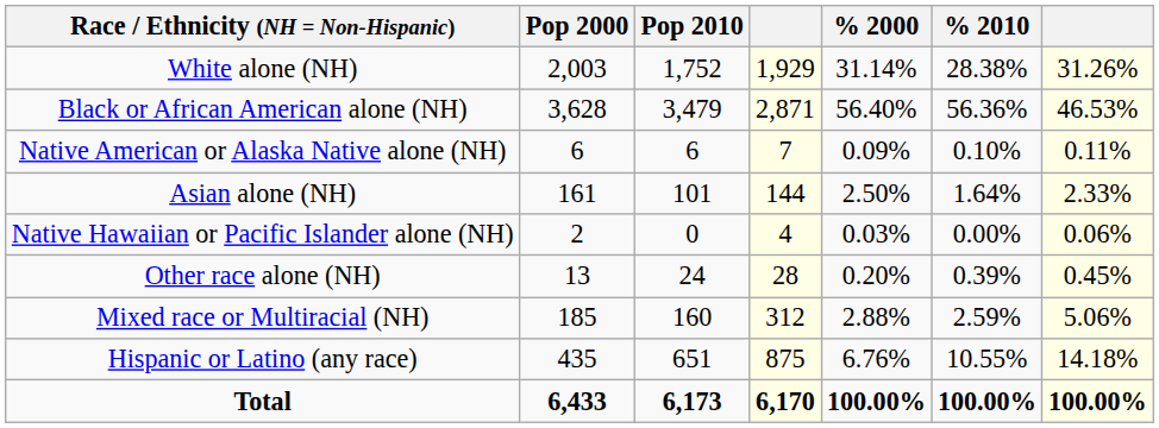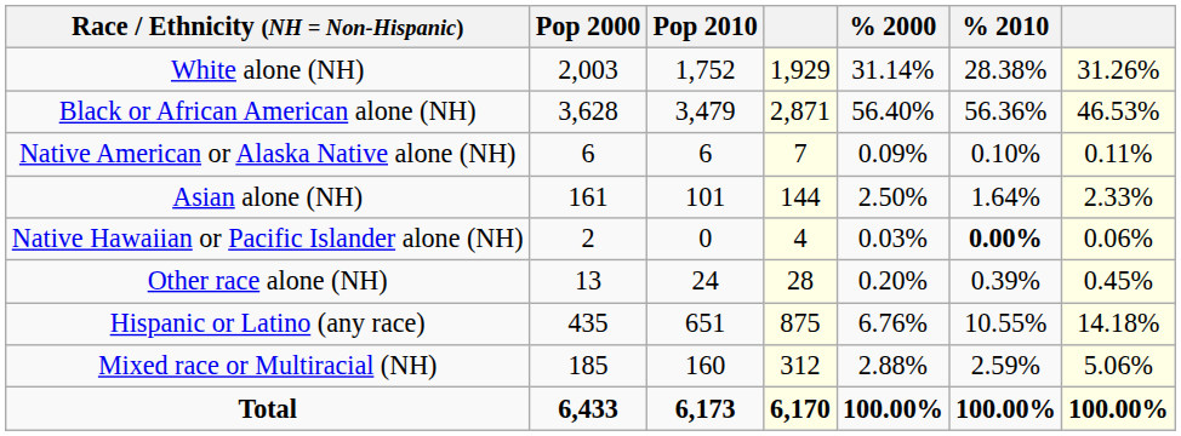 <table class="wikitable" style="text-align:center;">
 <tr>
 <th>Race / Ethnicity <small>(<em>NH = Non-Hispanic</em>)</small></th>
 <th>Pop 2000</th>
 <th>Pop 2010</th>
 <th></th>
 <th>% 2000</th>
 <th>% 2010</th>
 <th></th>
 </tr>
 <tr>
 <td><a href='#'>White</a> alone (NH)</td>
 <td>2,003</td>
 <td>1,752</td>
 <td style='background: #ffffe6;'>1,929</td>
 <td>31.14%</td>
 <td>28.38%</td>
 <td style='background: #ffffe6;'>31.26%</td>
 </tr>
 <tr>
 <td><a href='#'>Black or African American</a> alone (NH)</td>
 <td>3,628</td>
 <td>3,479</td>
 <td style='background: #ffffe6;'>2,871</td>
 <td>56.40%</td>
 <td>56.36%</td>
 <td style='background: #ffffe6;'>46.53%</td>
 </tr>
 <tr>
 <td><a href='#'>Native American</a> or <a href='#'>Alaska Native</a> alone (NH)</td>
 <td>6</td>
 <td>6</td>
 <td style='background: #ffffe6;'>7</td>
 <td>0.09%</td>
 <td>0.10%</td>
 <td style='background: #ffffe6;'>0.11%</td>
 </tr>
 <tr>
 <td><a href='#'>Asian</a> alone (NH)</td>
 <td>161</td>
 <td>101</td>
 <td style='background: #ffffe6;'>144</td>
 <td>2.50%</td>
 <td>1.64%</td>
 <td style='background: #ffffe6;'>2.33%</td>
 </tr>
 <tr>
 <td><a href='#'>Native Hawaiian</a> or <a href='#'>Pacific Islander</a> alone (NH)</td>
 <td>2</td>
 <td>0</td>
 <td style='background: #ffffe6;'>4</td>
 <td>0.03%</td>
-<td>0.00%</td>
+<td><strong>0.00%</strong></td>
 <td style='background: #ffffe6;'>0.06%</td>
 </tr>
 <tr>
 <td><a href='#'>Other race</a> alone (NH)</td>
 <td>13</td>
 <td>24</td>
 <td style='background: #ffffe6;'>28</td>
 <td>0.20%</td>
 <td>0.39%</td>
 <td style='background: #ffffe6;'>0.45%</td>
 </tr>
 <tr>
+<td><a href='#'>Hispanic or Latino</a> (any race)</td>
+<td>435</td>
+<td>651</td>
+<td style='background: #ffffe6;'>875</td>
+<td>6.76%</td>
+<td>10.55%</td>
+<td style='background: #ffffe6;'>14.18%</td>
+</tr>
+<tr>
 <td><a href='#'>Mixed race or Multiracial</a> (NH)</td>
 <td>185</td>
 <td>160</td>
 <td style='background: #ffffe6;'>312</td>
 <td>2.88%</td>
 <td>2.59%</td>
 <td style='background: #ffffe6;'>5.06%</td>
-</tr>
-<tr>
-<td><a href='#'>Hispanic or Latino</a> (any race)</td>
-<td>435</td>
-<td>651</td>
-<td style='background: #ffffe6;'>875</td>
-<td>6.76%</td>
-<td>10.55%</td>
-<td style='background: #ffffe6;'>14.18%</td>
 </tr>
 <tr>
 <td><strong>Total</strong></td>
 <td><strong>6,433</strong></td>
 <td><strong>6,173</strong></td>
 <td style='background: #ffffe6;'><strong>6,170</strong></td>
 <td><strong>100.00%</strong></td>
 <td><strong>100.00%</strong></td>
 <td style='background: #ffffe6;'><strong>100.00%</strong></td>
 </tr>
 </table>
